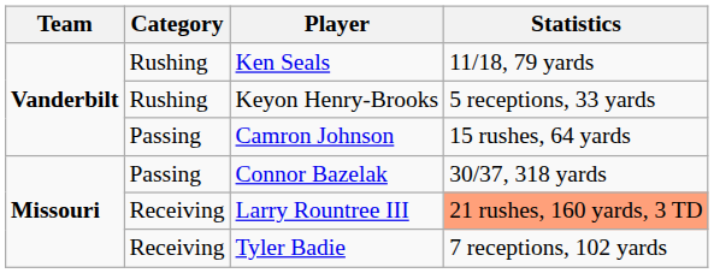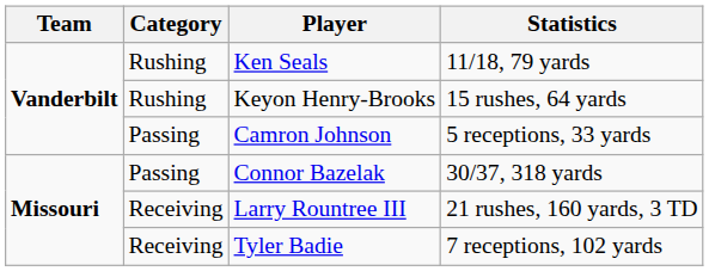 <table class="wikitable" style="float: left;">
 <tr>
 <th>Team</th>
 <th>Category</th>
 <th>Player</th>
 <th>Statistics</th>
 </tr>
 <tr>
 <td rowspan=3><strong>Vanderbilt</strong></td>
 <td>Rushing</td>
 <td><a href='#'>Ken Seals</a></td>
 <td>11/18, 79 yards</td>
 </tr>
 <tr>
 <td>Rushing</td>
 <td>Keyon Henry-Brooks</td>
-<td>5 receptions, 33 yards</td>
+<td>15 rushes, 64 yards</td>
 </tr>
 <tr>
 <td>Passing</td>
 <td><a href='#'>Camron Johnson</a></td>
-<td>15 rushes, 64 yards</td>
+<td>5 receptions, 33 yards</td>
 </tr>
 <tr>
 <td rowspan=3><strong>Missouri</strong></td>
 <td>Passing</td>
 <td><a href='#'>Connor Bazelak</a></td>
 <td>30/37, 318 yards</td>
 </tr>
 <tr>
 <td>Receiving</td>
 <td><a href='#'>Larry Rountree III</a></td>
-<td style="background: lightsalmon;">21 rushes, 160 yards, 3 TD</td>
+<td>21 rushes, 160 yards, 3 TD</td>
 </tr>
 <tr>
 <td>Receiving</td>
 <td><a href='#'>Tyler Badie</a></td>
 <td>7 receptions, 102 yards</td>
 </tr>
 </table>
